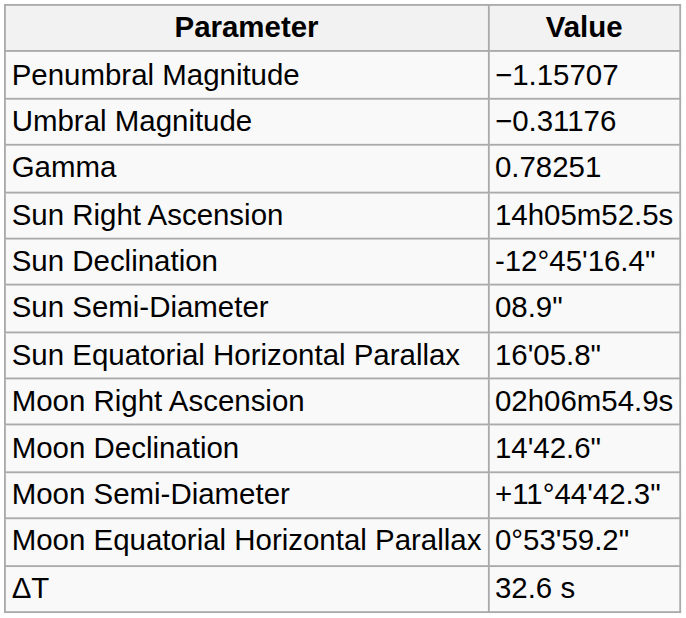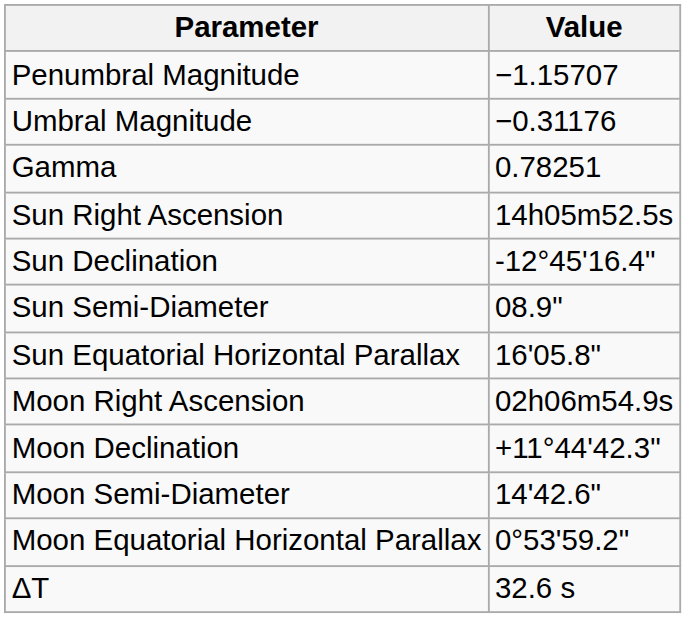 <table class="wikitable">
 <tr>
 <th>Parameter</th>
 <th>Value</th>
 </tr>
 <tr>
 <td>Penumbral Magnitude</td>
 <td>−1.15707</td>
 </tr>
 <tr>
 <td>Umbral Magnitude</td>
 <td>−0.31176</td>
 </tr>
 <tr>
 <td>Gamma</td>
 <td>0.78251</td>
 </tr>
 <tr>
 <td>Sun Right Ascension</td>
 <td>14h05m52.5s</td>
 </tr>
 <tr>
 <td>Sun Declination</td>
 <td>-12°45'16.4"</td>
 </tr>
 <tr>
 <td>Sun Semi-Diameter</td>
 <td>08.9"</td>
 </tr>
 <tr>
 <td>Sun Equatorial Horizontal Parallax</td>
 <td>16'05.8"</td>
 </tr>
 <tr>
 <td>Moon Right Ascension</td>
 <td>02h06m54.9s</td>
 </tr>
 <tr>
 <td>Moon Declination</td>
-<td>14'42.6"</td>
+<td>+11°44'42.3"</td>
 </tr>
 <tr>
 <td>Moon Semi-Diameter</td>
-<td>+11°44'42.3"</td>
+<td>14'42.6"</td>
 </tr>
 <tr>
 <td>Moon Equatorial Horizontal Parallax</td>
 <td>0°53'59.2"</td>
 </tr>
 <tr>
 <td>ΔT</td>
 <td>32.6 s</td>
 </tr>
 </table>
